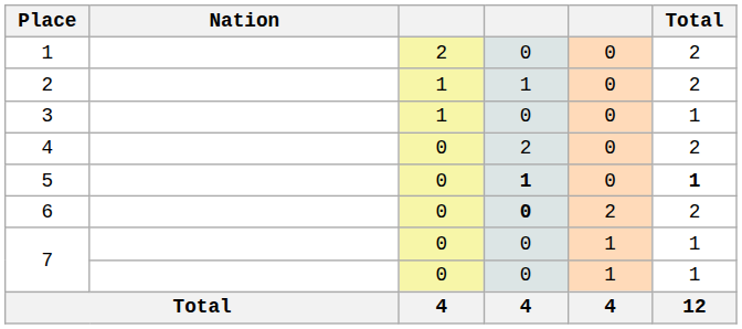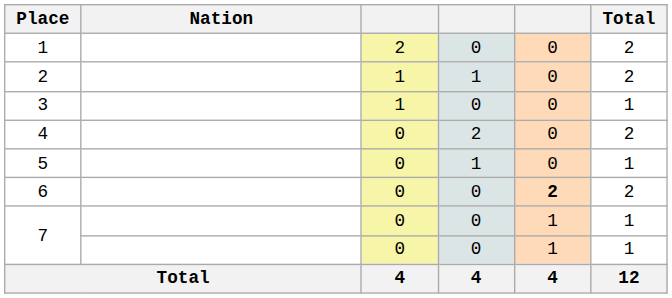 <table class="wikitable" style="border:1px solid #AAAAAA">
 <tr bgcolor="#EFEFEF">
 <th width=50>Place</th>
 <th width=200>Nation</th>
 <th width=50></th>
 <th width=50></th>
 <th width=50></th>
 <th width=50>Total</th>
 </tr>
 <tr align=center bgcolor="#FFFFFF">
 <td>1</td>
 <td align="left"></td>
 <td style="background:#F7F6A8;">2</td>
 <td style="background:#DCE5E5;">0</td>
 <td style="background:#FFDAB9;">0</td>
 <td>2</td>
 </tr>
 <tr align=center bgcolor="#FFFFFF">
 <td>2</td>
 <td align="left"></td>
 <td style="background:#F7F6A8;">1</td>
 <td style="background:#DCE5E5;">1</td>
 <td style="background:#FFDAB9;">0</td>
 <td>2</td>
 </tr>
 <tr align=center bgcolor="#FFFFFF">
 <td>3</td>
 <td align="left"></td>
 <td style="background:#F7F6A8;">1</td>
 <td style="background:#DCE5E5;">0</td>
 <td style="background:#FFDAB9;">0</td>
 <td>1</td>
 </tr>
 <tr align=center bgcolor="#FFFFFF">
 <td>4</td>
 <td align="left"></td>
 <td style="background:#F7F6A8;">0</td>
 <td style="background:#DCE5E5;">2</td>
 <td style="background:#FFDAB9;">0</td>
 <td>2</td>
 </tr>
 <tr align=center bgcolor="#FFFFFF">
 <td>5</td>
 <td align="left"></td>
 <td style="background:#F7F6A8;">0</td>
-<td style="background:#DCE5E5;"><strong>1</strong></td>
+<td style="background:#DCE5E5;">1</td>
 <td style="background:#FFDAB9;">0</td>
-<td><strong>1</strong></td>
+<td>1</td>
 </tr>
 <tr align=center bgcolor="#FFFFFF">
 <td>6</td>
 <td align="left"></td>
 <td style="background:#F7F6A8;">0</td>
-<td style="background:#DCE5E5;"><strong>0</strong></td>
-<td style="background:#FFDAB9;">2</td>
+<td style="background:#DCE5E5;">0</td>
+<td style="background:#FFDAB9;"><strong>2</strong></td>
 <td>2</td>
 </tr>
 <tr align=center bgcolor="#FFFFFF">
 <td rowspan=2>7</td>
 <td align="left"></td>
 <td style="background:#F7F6A8;">0</td>
 <td style="background:#DCE5E5;">0</td>
 <td style="background:#FFDAB9;">1</td>
 <td>1</td>
 </tr>
 <tr align=center bgcolor="#FFFFFF">
 <td align="left"></td>
 <td style="background:#F7F6A8;">0</td>
 <td style="background:#DCE5E5;">0</td>
 <td style="background:#FFDAB9;">1</td>
 <td>1</td>
 </tr>
 <tr bgcolor="#EFEFEF">
 <th colspan=2>Total</th>
 <th>4</th>
 <th>4</th>
 <th>4</th>
 <th>12</th>
 </tr>
 </table>
